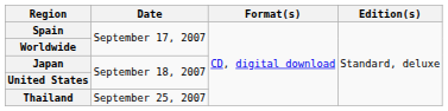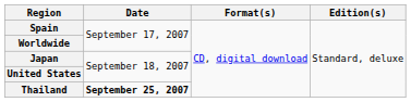 <table class="wikitable plainrowheaders">
 <tr>
 <th>Region</th>
 <th>Date</th>
 <th>Format(s)</th>
 <th>Edition(s)</th>
 </tr>
 <tr>
 <th scope="row">Spain</th>
 <td rowspan="2">September 17, 2007</td>
 <td rowspan="5"><a href='#'>CD</a>, <a href='#'>digital download</a></td>
 <td rowspan="5">Standard, deluxe</td>
 </tr>
 <tr>
 <th scope="row">Worldwide</th>
 </tr>
 <tr>
 <th scope="row">Japan</th>
 <td rowspan="2">September 18, 2007</td>
 </tr>
 <tr>
 <th scope="row">United States</th>
 </tr>
 <tr>
 <th scope="row">Thailand</th>
-<td>September 25, 2007</td>
+<td><strong>September 25, 2007</strong></td>
 </tr>
 </table>
